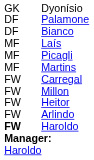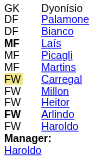 <table style="font-size:90%; margin:0.2em auto;" cellspacing="0" cellpadding="0">
 <tr>
 <th width="25"></th>
 <th width="25"></th>
 </tr>
 <tr>
 <td>GK</td>
 <td><strong> </strong></td>
 <td>Dyonísio</td>
 </tr>
 <tr>
 <td>DF</td>
 <td><strong> </strong></td>
 <td><a href='#'>Palamone</a></td>
 </tr>
 <tr>
 <td>DF</td>
 <td><strong> </strong></td>
 <td><a href='#'>Bianco</a></td>
 </tr>
 <tr>
-<td>MF</td>
+<td><strong>MF</strong></td>
 <td><strong> </strong></td>
 <td><a href='#'>Laís</a></td>
 </tr>
 <tr>
 <td>MF</td>
 <td><strong> </strong></td>
 <td><a href='#'>Picagli</a></td>
 </tr>
 <tr>
 <td>MF</td>
 <td><strong> </strong></td>
 <td><a href='#'>Martins</a></td>
 </tr>
 <tr>
-<td>FW</td>
+<td style="background: khaki;">FW</td>
 <td><strong> </strong></td>
 <td><a href='#'>Carregal</a></td>
 </tr>
 <tr>
 <td>FW</td>
 <td><strong> </strong></td>
 <td><a href='#'>Millon</a></td>
 </tr>
 <tr>
 <td>FW</td>
 <td><strong> </strong></td>
 <td><a href='#'>Heitor</a></td>
 </tr>
 <tr>
-<td>FW</td>
+<td><strong>FW</strong></td>
 <td><strong> </strong></td>
 <td><a href='#'>Arlindo</a></td>
 </tr>
 <tr>
-<td><strong>FW</strong></td>
+<td>FW</td>
 <td><strong> </strong></td>
 <td><a href='#'>Haroldo</a></td>
 </tr>
 <tr>
 <td colspan=3><strong>Manager:</strong></td>
 </tr>
 <tr>
 <td colspan=4> <a href='#'>Haroldo</a></td>
 </tr>
 </table>
